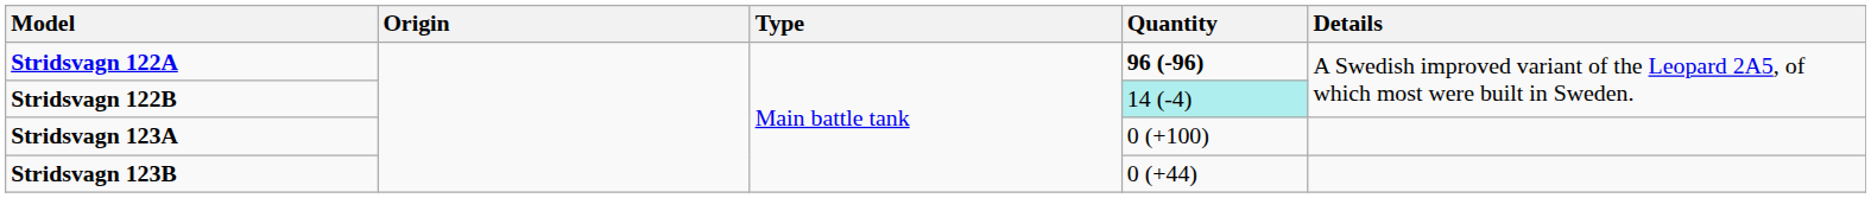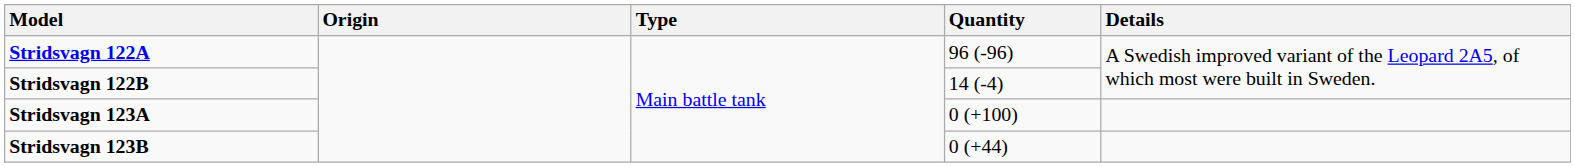 <table class="wikitable" style="width:100%;">
 <tr>
 <th style="text-align:left;width:20%;">Model</th>
 <th style="text-align:left;width:20%;">Origin</th>
 <th style="text-align:left;width:20%;">Type</th>
 <th style="text-align:left;width:10%;">Quantity</th>
 <th style="text-align:left;width:30%;">Details</th>
 </tr>
 <tr>
 <td><strong><a href='#'>Strids­vagn 122A</a></strong></td>
 <td rowspan="4"></td>
 <td rowspan="4"><a href='#'>Main battle tank</a></td>
-<td><strong>96 (-96)</strong></td>
+<td>96 (-96)</td>
 <td rowspan="2">A Swedish improved variant of the <a href='#'>Leopard 2A5</a>, of which most were built in Sweden.</td>
 </tr>
 <tr>
 <td><strong>Strids­vagn 122B</strong></td>
-<td style="background: paleturquoise;">14 (-4)</td>
+<td>14 (-4)</td>
 </tr>
 <tr>
 <td><strong>Strids­vagn 123A</strong></td>
 <td>0 (+100)</td>
 <td></td>
 </tr>
 <tr>
 <td><strong>Strids­vagn 123B</strong></td>
 <td>0 (+44)</td>
 <td></td>
 </tr>
 </table>
